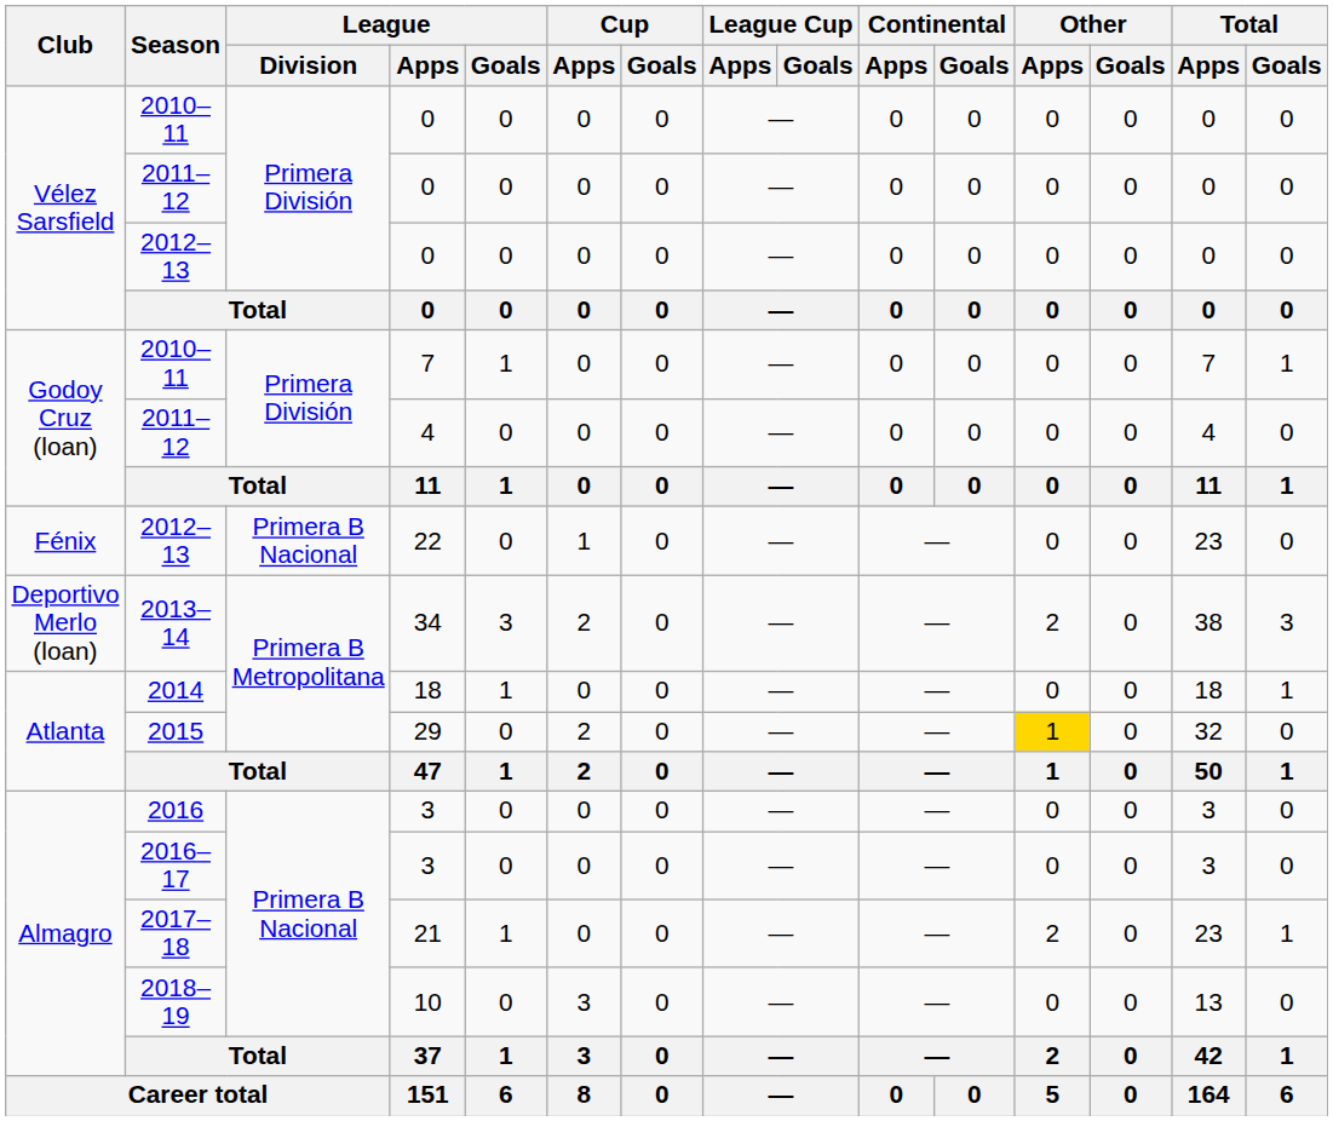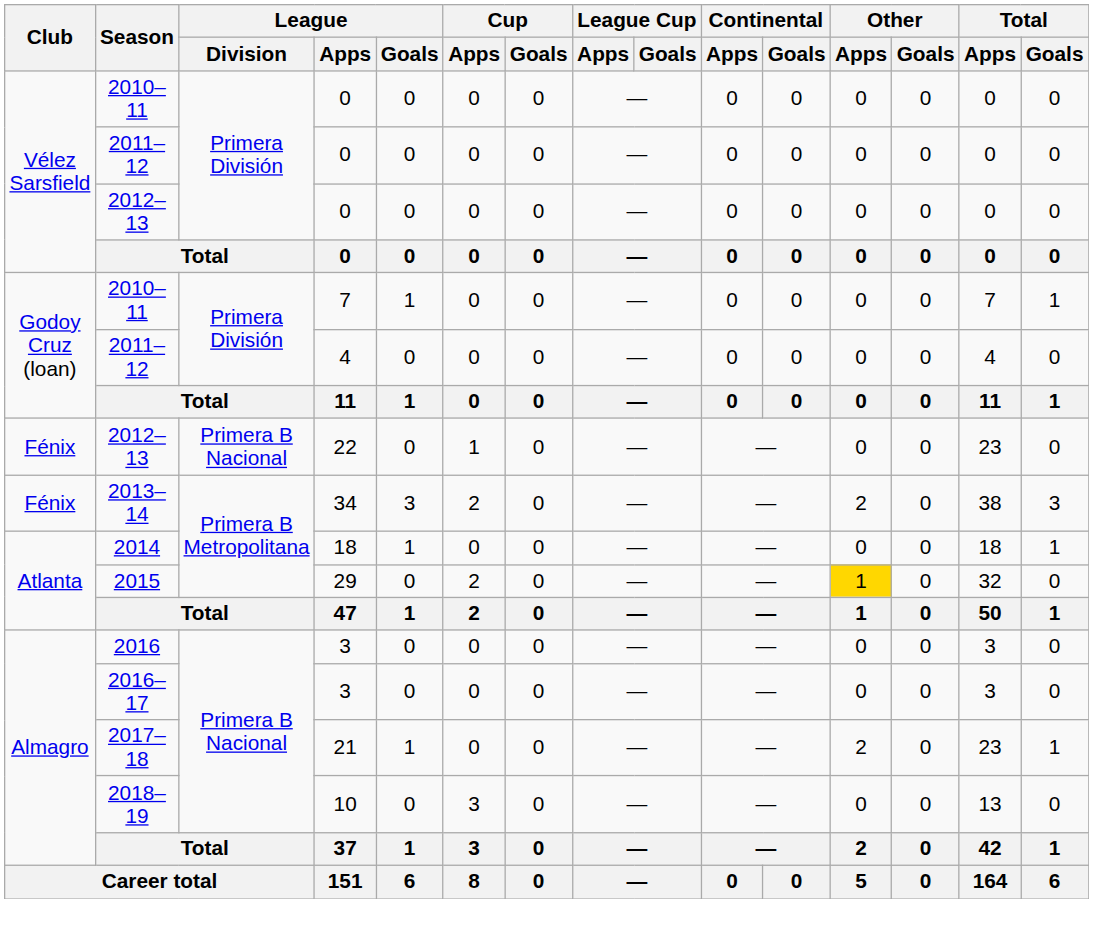 <table class="wikitable" style="text-align:center">
 <tr>
 <th rowspan="2">Club</th>
 <th rowspan="2">Season</th>
 <th colspan="3">League</th>
 <th colspan="2">Cup</th>
 <th colspan="2">League Cup</th>
 <th colspan="2">Continental</th>
 <th colspan="2">Other</th>
 <th colspan="2">Total</th>
 </tr>
 <tr>
 <th>Division</th>
 <th>Apps</th>
 <th>Goals</th>
 <th>Apps</th>
 <th>Goals</th>
 <th>Apps</th>
 <th>Goals</th>
 <th>Apps</th>
 <th>Goals</th>
 <th>Apps</th>
 <th>Goals</th>
 <th>Apps</th>
 <th>Goals</th>
 </tr>
 <tr>
 <td rowspan="4"><a href='#'>Vélez Sarsfield</a></td>
 <td><a href='#'>2010–11</a></td>
 <td rowspan="3"><a href='#'>Primera División</a></td>
 <td>0</td>
 <td>0</td>
 <td>0</td>
 <td>0</td>
 <td colspan="2">—</td>
 <td>0</td>
 <td>0</td>
 <td>0</td>
 <td>0</td>
 <td>0</td>
 <td>0</td>
 </tr>
 <tr>
 <td><a href='#'>2011–12</a></td>
 <td>0</td>
 <td>0</td>
 <td>0</td>
 <td>0</td>
 <td colspan="2">—</td>
 <td>0</td>
 <td>0</td>
 <td>0</td>
 <td>0</td>
 <td>0</td>
 <td>0</td>
 </tr>
 <tr>
 <td><a href='#'>2012–13</a></td>
 <td>0</td>
 <td>0</td>
 <td>0</td>
 <td>0</td>
 <td colspan="2">—</td>
 <td>0</td>
 <td>0</td>
 <td>0</td>
 <td>0</td>
 <td>0</td>
 <td>0</td>
 </tr>
 <tr>
 <th colspan="2">Total</th>
 <th>0</th>
 <th>0</th>
 <th>0</th>
 <th>0</th>
 <th colspan="2">—</th>
 <th>0</th>
 <th>0</th>
 <th>0</th>
 <th>0</th>
 <th>0</th>
 <th>0</th>
 </tr>
 <tr>
 <td rowspan="3"><a href='#'>Godoy Cruz</a> (loan)</td>
 <td><a href='#'>2010–11</a></td>
 <td rowspan="2"><a href='#'>Primera División</a></td>
 <td>7</td>
 <td>1</td>
 <td>0</td>
 <td>0</td>
 <td colspan="2">—</td>
 <td>0</td>
 <td>0</td>
 <td>0</td>
 <td>0</td>
 <td>7</td>
 <td>1</td>
 </tr>
 <tr>
 <td><a href='#'>2011–12</a></td>
 <td>4</td>
 <td>0</td>
 <td>0</td>
 <td>0</td>
 <td colspan="2">—</td>
 <td>0</td>
 <td>0</td>
 <td>0</td>
 <td>0</td>
 <td>4</td>
 <td>0</td>
 </tr>
 <tr>
 <th colspan="2">Total</th>
 <th>11</th>
 <th>1</th>
 <th>0</th>
 <th>0</th>
 <th colspan="2">—</th>
 <th>0</th>
 <th>0</th>
 <th>0</th>
 <th>0</th>
 <th>11</th>
 <th>1</th>
 </tr>
 <tr>
 <td rowspan="1"><a href='#'>Fénix</a></td>
 <td><a href='#'>2012–13</a></td>
 <td rowspan="1"><a href='#'>Primera B Nacional</a></td>
 <td>22</td>
 <td>0</td>
 <td>1</td>
 <td>0</td>
 <td colspan="2">—</td>
 <td colspan="2">—</td>
 <td>0</td>
 <td>0</td>
 <td>23</td>
 <td>0</td>
 </tr>
 <tr>
-<td rowspan="1"><a href='#'>Deportivo Merlo</a> (loan)</td>
+<td rowspan="1"><a href='#'>Fénix</a></td>
 <td><a href='#'>2013–14</a></td>
 <td rowspan="3"><a href='#'>Primera B Metropolitana</a></td>
 <td>34</td>
 <td>3</td>
 <td>2</td>
 <td>0</td>
 <td colspan="2">—</td>
 <td colspan="2">—</td>
 <td>2</td>
 <td>0</td>
 <td>38</td>
 <td>3</td>
 </tr>
 <tr>
 <td rowspan="3"><a href='#'>Atlanta</a></td>
 <td><a href='#'>2014</a></td>
 <td>18</td>
 <td>1</td>
 <td>0</td>
 <td>0</td>
 <td colspan="2">—</td>
 <td colspan="2">—</td>
 <td>0</td>
 <td>0</td>
 <td>18</td>
 <td>1</td>
 </tr>
 <tr>
 <td><a href='#'>2015</a></td>
 <td>29</td>
 <td>0</td>
 <td>2</td>
 <td>0</td>
 <td colspan="2">—</td>
 <td colspan="2">—</td>
 <td style="background: gold;">1</td>
 <td>0</td>
 <td>32</td>
 <td>0</td>
 </tr>
 <tr>
 <th colspan="2">Total</th>
 <th>47</th>
 <th>1</th>
 <th>2</th>
 <th>0</th>
 <th colspan="2">—</th>
 <th colspan="2">—</th>
 <th>1</th>
 <th>0</th>
 <th>50</th>
 <th>1</th>
 </tr>
 <tr>
 <td rowspan="5"><a href='#'>Almagro</a></td>
 <td><a href='#'>2016</a></td>
 <td rowspan="4"><a href='#'>Primera B Nacional</a></td>
 <td>3</td>
 <td>0</td>
 <td>0</td>
 <td>0</td>
 <td colspan="2">—</td>
 <td colspan="2">—</td>
 <td>0</td>
 <td>0</td>
 <td>3</td>
 <td>0</td>
 </tr>
 <tr>
 <td><a href='#'>2016–17</a></td>
 <td>3</td>
 <td>0</td>
 <td>0</td>
 <td>0</td>
 <td colspan="2">—</td>
 <td colspan="2">—</td>
 <td>0</td>
 <td>0</td>
 <td>3</td>
 <td>0</td>
 </tr>
 <tr>
 <td><a href='#'>2017–18</a></td>
 <td>21</td>
 <td>1</td>
 <td>0</td>
 <td>0</td>
 <td colspan="2">—</td>
 <td colspan="2">—</td>
 <td>2</td>
 <td>0</td>
 <td>23</td>
 <td>1</td>
 </tr>
 <tr>
 <td><a href='#'>2018–19</a></td>
 <td>10</td>
 <td>0</td>
 <td>3</td>
 <td>0</td>
 <td colspan="2">—</td>
 <td colspan="2">—</td>
 <td>0</td>
 <td>0</td>
 <td>13</td>
 <td>0</td>
 </tr>
 <tr>
 <th colspan="2">Total</th>
 <th>37</th>
 <th>1</th>
 <th>3</th>
 <th>0</th>
 <th colspan="2">—</th>
 <th colspan="2">—</th>
 <th>2</th>
 <th>0</th>
 <th>42</th>
 <th>1</th>
 </tr>
 <tr>
 <th colspan="3">Career total</th>
 <th>151</th>
 <th>6</th>
 <th>8</th>
 <th>0</th>
 <th colspan="2">—</th>
 <th>0</th>
 <th>0</th>
 <th>5</th>
 <th>0</th>
 <th>164</th>
 <th>6</th>
 </tr>
 </table>
